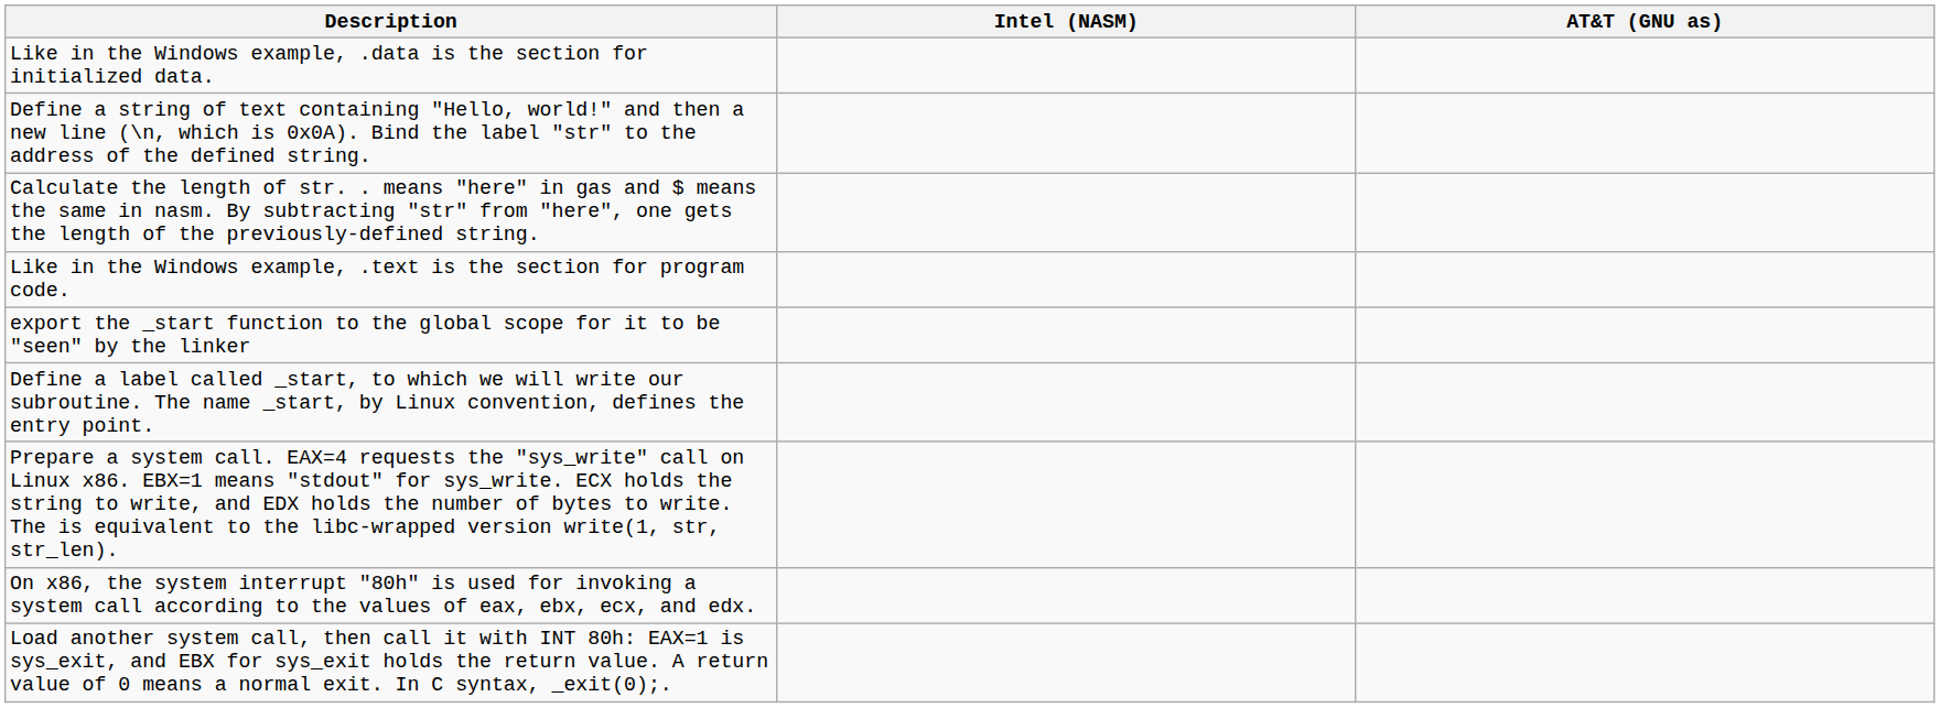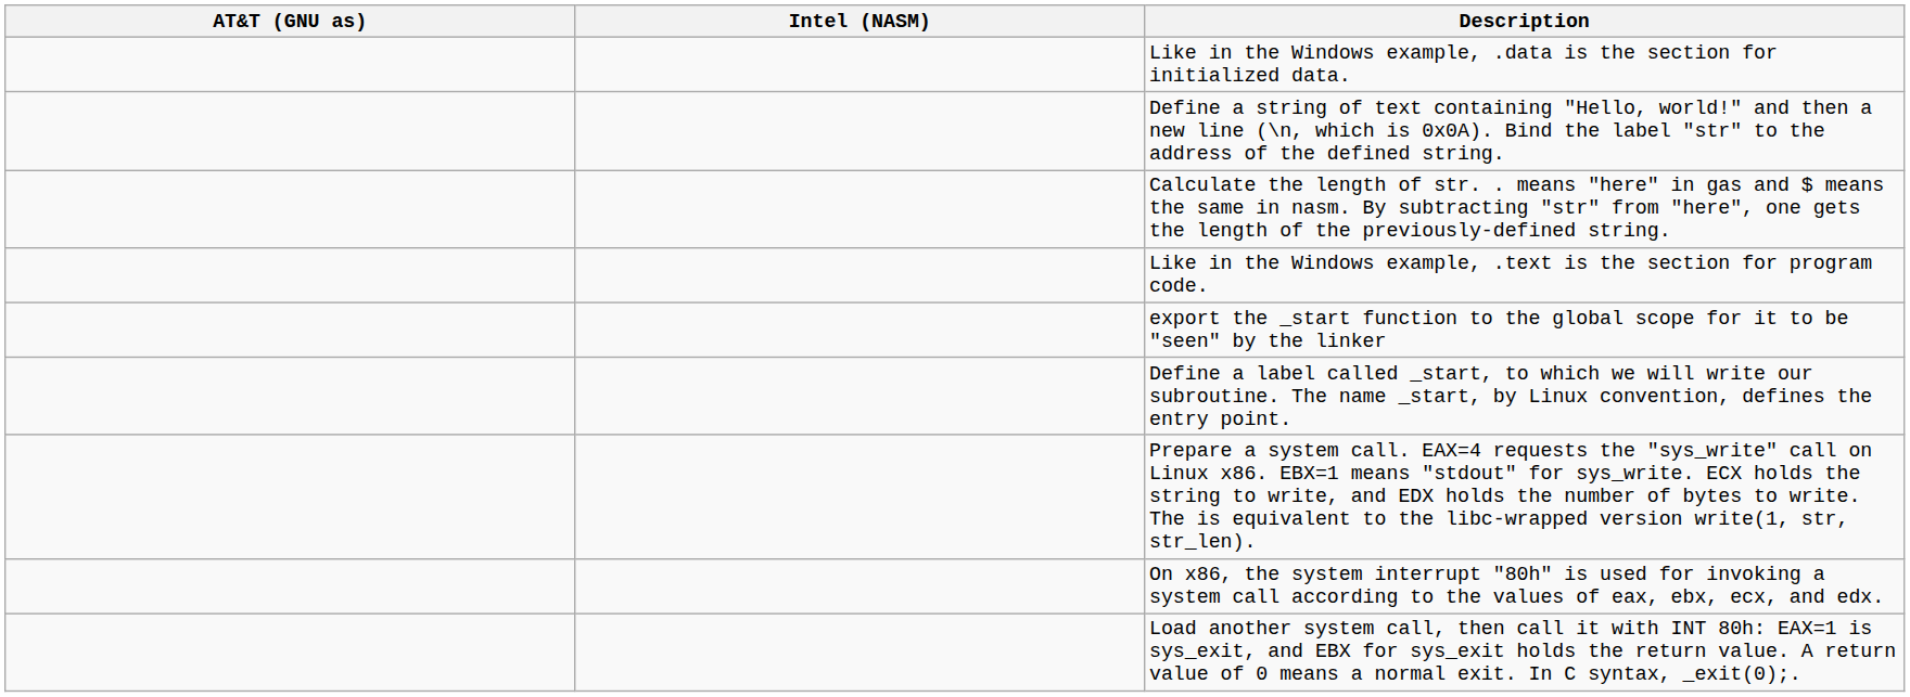 <table class=wikitable>
 <tr>
+<th width=30%>AT&T (GNU as)</th>
+<th width=30%>Intel (NASM)</th>
 <th>Description</th>
-<th width=30%>Intel (NASM)</th>
-<th width=30%>AT&T (GNU as)</th>
 </tr>
 <tr>
-<td>Like in the Windows example, <code>.data</code> is the section for initialized data.</td>
 <td></td>
 <td></td>
+<td>Like in the Windows example, <code>.data</code> is the section for initialized data.</td>
 </tr>
 <tr>
-<td>Define a string of text containing "Hello, world!" and then a new line (<code>\n</code>, which is <code>0x0A</code>). Bind the label "str" to the address of the defined string.</td>
 <td></td>
 <td></td>
+<td>Define a string of text containing "Hello, world!" and then a new line (<code>\n</code>, which is <code>0x0A</code>). Bind the label "str" to the address of the defined string.</td>
 </tr>
 <tr>
-<td>Calculate the length of <code>str</code>. <code>.</code> means "here" in gas and <code>$</code> means the same in nasm. By subtracting "str" from "here", one gets the length of the previously-defined string.</td>
 <td></td>
 <td></td>
+<td>Calculate the length of <code>str</code>. <code>.</code> means "here" in gas and <code>$</code> means the same in nasm. By subtracting "str" from "here", one gets the length of the previously-defined string.</td>
 </tr>
 <tr>
-<td>Like in the Windows example, <code>.text</code> is the section for program code.</td>
 <td></td>
 <td></td>
+<td>Like in the Windows example, <code>.text</code> is the section for program code.</td>
 </tr>
 <tr>
-<td>export the _start function to the global scope for it to be "seen" by the linker</td>
 <td></td>
 <td></td>
+<td>export the _start function to the global scope for it to be "seen" by the linker</td>
 </tr>
 <tr>
-<td>Define a label called <code>_start</code>, to which we will write our subroutine. The name <code>_start</code>, by Linux convention, defines the entry point.</td>
 <td></td>
 <td></td>
+<td>Define a label called <code>_start</code>, to which we will write our subroutine. The name <code>_start</code>, by Linux convention, defines the entry point.</td>
 </tr>
 <tr>
-<td>Prepare a system call. EAX=4 requests the "sys_write" call on Linux x86. EBX=1 means "stdout" for sys_write. ECX holds the string to write, and EDX holds the number of bytes to write. The is equivalent to the libc-wrapped version <code>write(1, str, str_len)</code>.</td>
 <td></td>
 <td></td>
+<td>Prepare a system call. EAX=4 requests the "sys_write" call on Linux x86. EBX=1 means "stdout" for sys_write. ECX holds the string to write, and EDX holds the number of bytes to write. The is equivalent to the libc-wrapped version <code>write(1, str, str_len)</code>.</td>
 </tr>
 <tr>
-<td>On x86, the system interrupt "80h" is used for invoking a system call according to the values of eax, ebx, ecx, and edx.</td>
 <td></td>
 <td></td>
+<td>On x86, the system interrupt "80h" is used for invoking a system call according to the values of eax, ebx, ecx, and edx.</td>
 </tr>
 <tr>
-<td>Load another system call, then call it with INT 80h: EAX=1 is sys_exit, and EBX for sys_exit holds the return value. A return value of 0 means a normal exit. In C syntax, <code>_exit(0);</code>.</td>
 <td></td>
 <td></td>
+<td>Load another system call, then call it with INT 80h: EAX=1 is sys_exit, and EBX for sys_exit holds the return value. A return value of 0 means a normal exit. In C syntax, <code>_exit(0);</code>.</td>
 </tr>
 </table>
